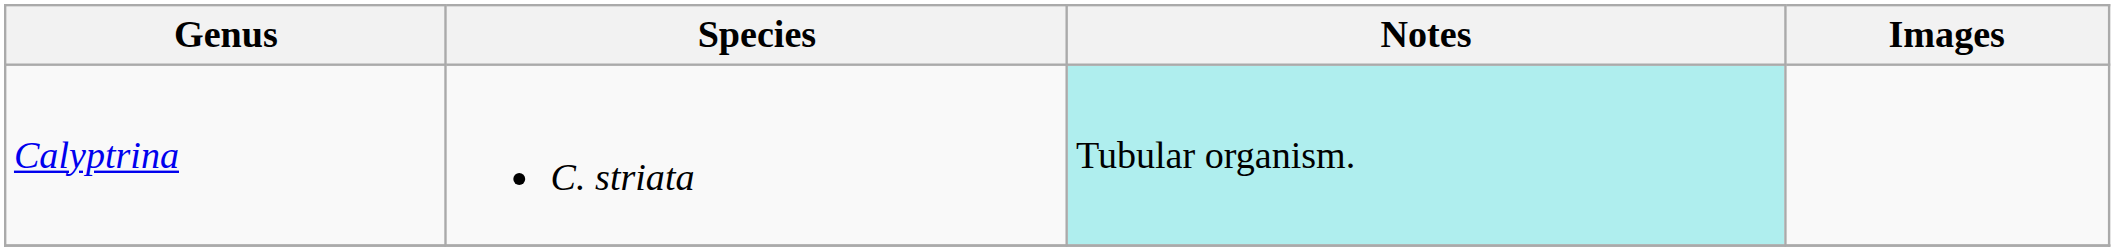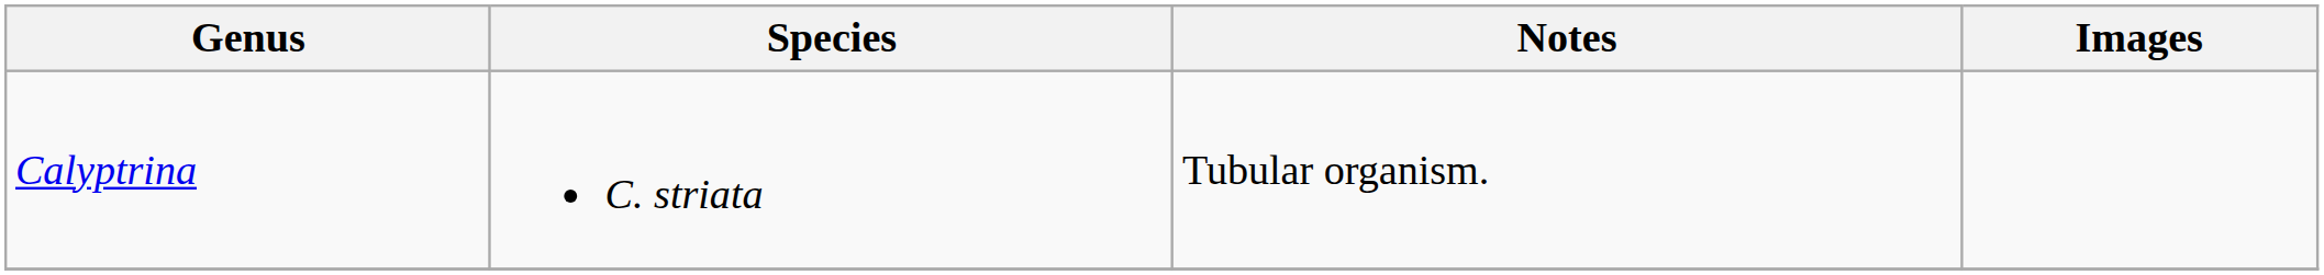 <table class="wikitable" style="width:70%;">
 <tr>
 <th>Genus</th>
 <th>Species</th>
 <th>Notes</th>
 <th>Images</th>
 </tr>
 <tr>
 <td><em><a href='#'>Calyptrina</a></em></td>
 <td><br><ul><li><em>C. striata</em></li></ul></td>
-<td style="background: paleturquoise;">Tubular organism.</td>
+<td>Tubular organism.</td>
 <td></td>
 </tr>
 <tr>
 </tr>
 </table>
